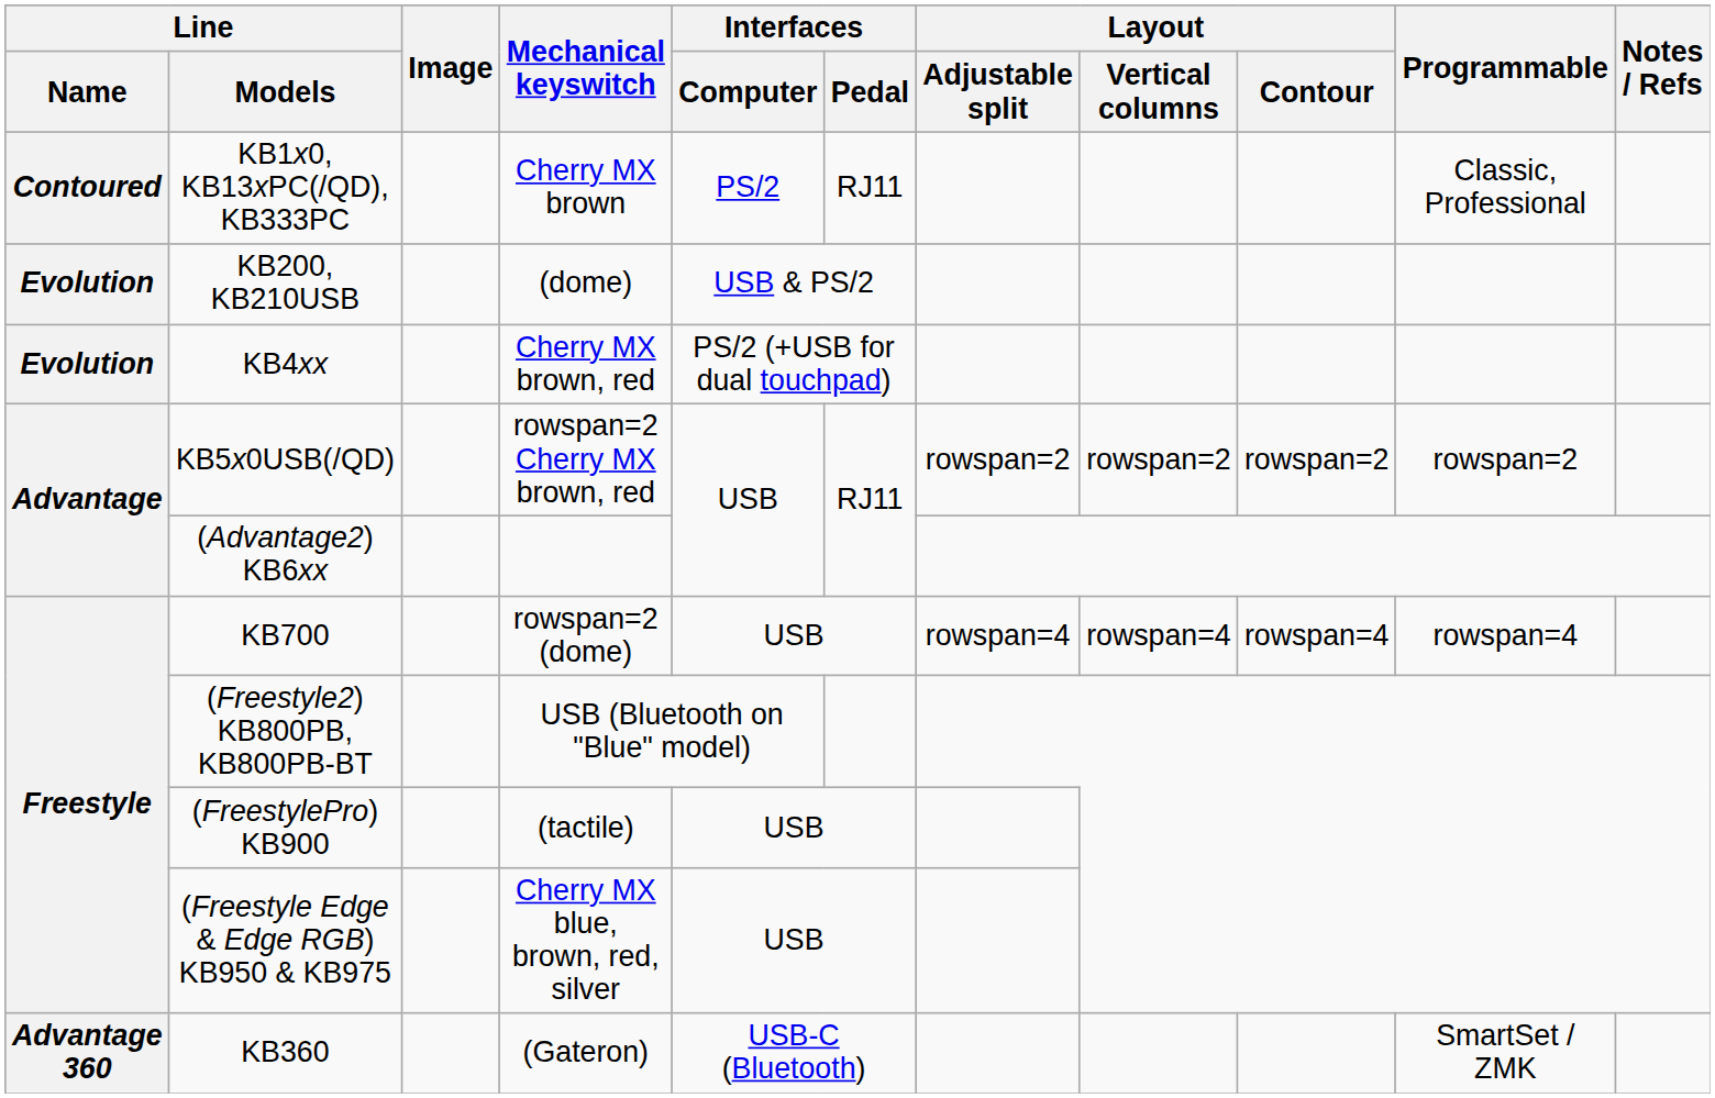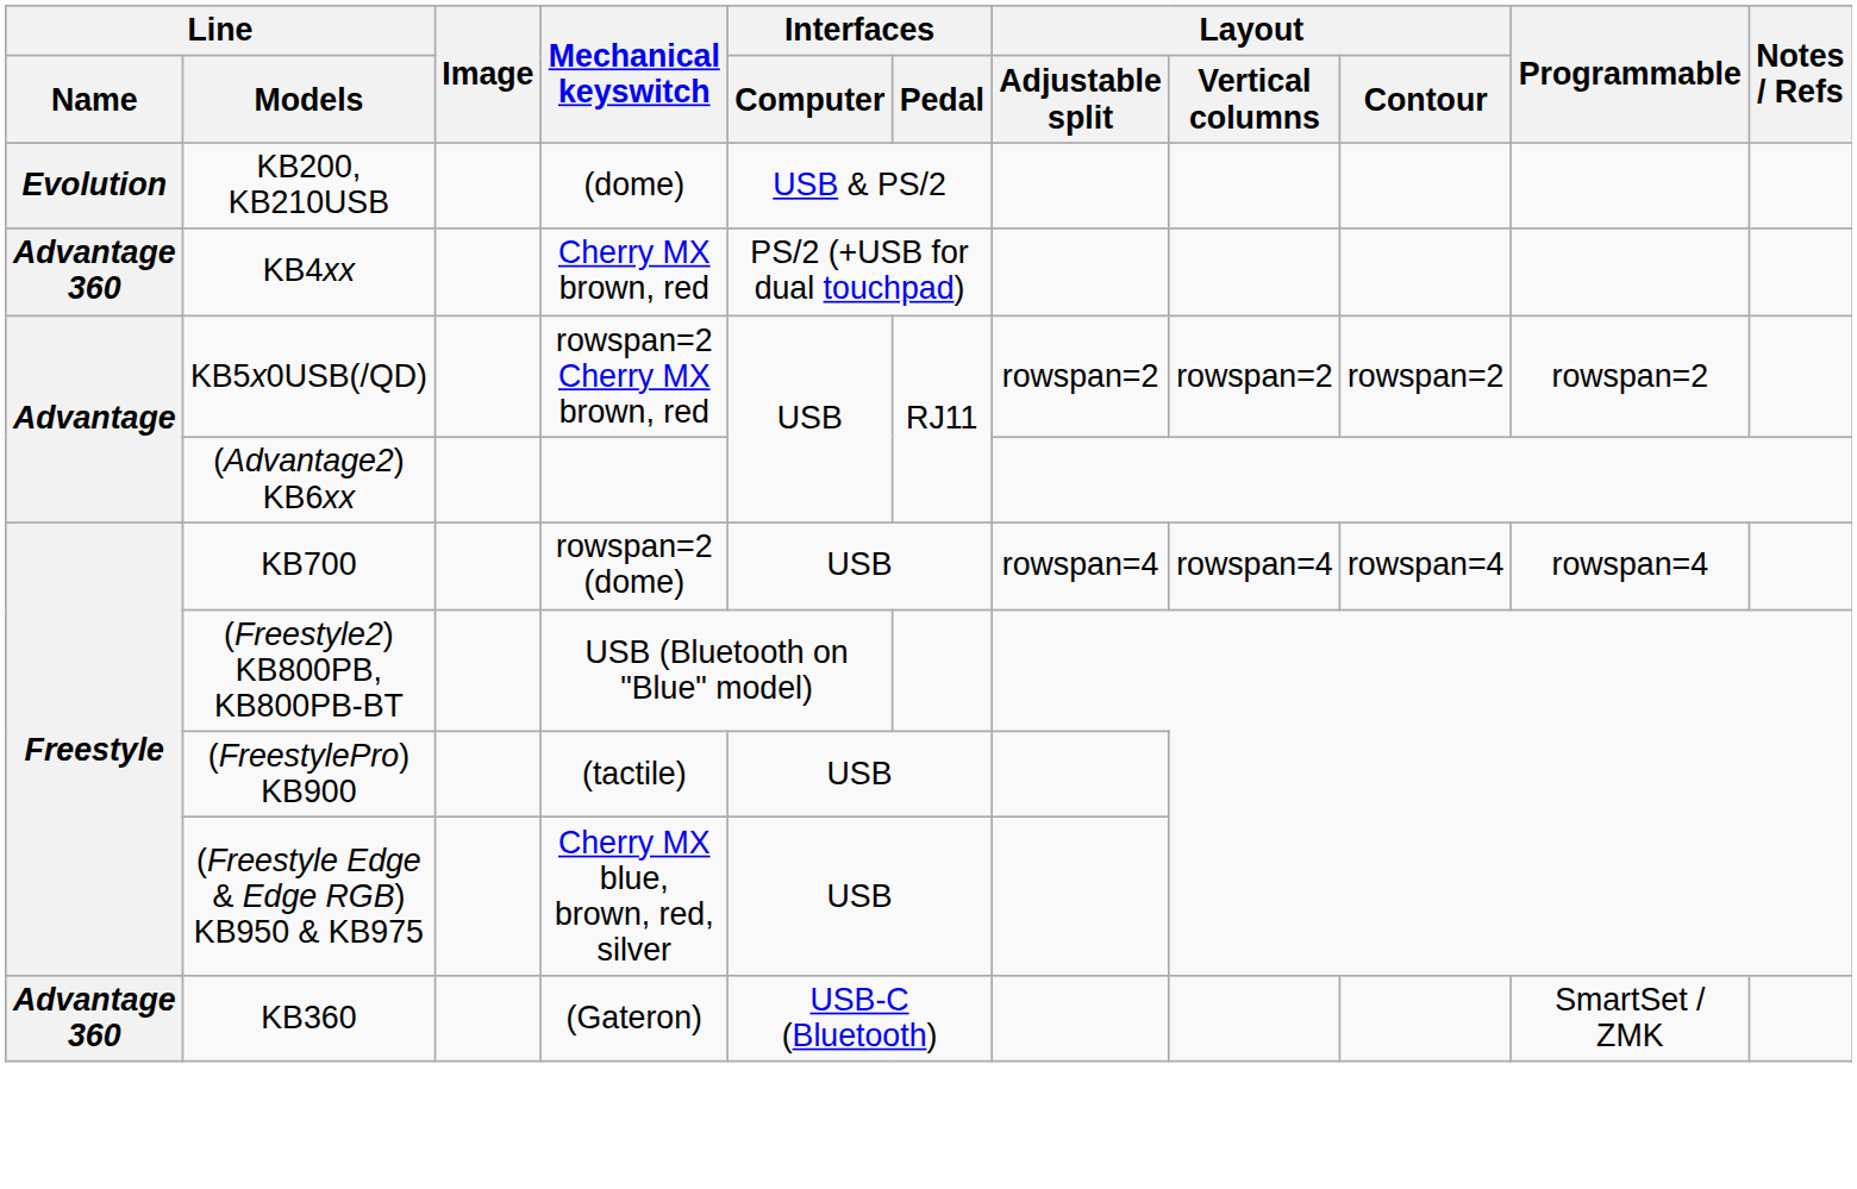 <table class="wikitable" style="font-size:100%;text-align:center;">
 <tr>
 <th colspan=2>Line</th>
 <th rowspan=2>Image</th>
 <th rowspan=2><a href='#'>Mechanical keyswitch</a></th>
 <th colspan=2>Interfaces</th>
 <th colspan=3>Layout</th>
 <th rowspan=2>Programmable</th>
 <th rowspan=2 class="unsortable">Notes / Refs</th>
 </tr>
 <tr>
 <th>Name</th>
 <th>Models</th>
 <th>Computer</th>
 <th>Pedal</th>
 <th>Adjustable split</th>
 <th>Vertical columns</th>
 <th>Contour</th>
 </tr>
 <tr>
-<th><em>Contoured</em></th>
-<td>KB1<em>x</em>0, KB13<em>x</em>PC(/QD), KB333PC</td>
-<td></td>
-<td> <a href='#'>Cherry MX</a> brown</td>
-<td><a href='#'>PS/2</a></td>
-<td>RJ11</td>
-<td></td>
-<td></td>
-<td></td>
-<td>Classic, Professional</td>
-<td style="text-align:left;"></td>
-</tr>
-<tr>
 <th><em>Evolution</em></th>
 <td>KB200, KB210USB</td>
 <td></td>
 <td> (dome)</td>
 <td colspan=2><a href='#'>USB</a> & PS/2</td>
 <td></td>
 <td></td>
 <td></td>
 <td></td>
 <td style="text-align:left;"></td>
 </tr>
 <tr>
-<th><em>Evolution</em></th>
+<th><em>Advantage 360</em></th>
 <td>KB4<em>xx</em></td>
 <td></td>
 <td> <a href='#'>Cherry MX</a> brown, red</td>
 <td colspan=2>PS/2 (+USB for dual <a href='#'>touchpad</a>)</td>
 <td></td>
 <td></td>
 <td></td>
 <td></td>
 <td style="text-align:left;"></td>
 </tr>
 <tr>
 <th rowspan=2><em>Advantage</em></th>
 <td>KB5<em>x</em>0USB(/QD)</td>
 <td></td>
 <td>rowspan=2  <a href='#'>Cherry MX</a> brown, red</td>
 <td rowspan=2>USB</td>
 <td rowspan=2>RJ11</td>
 <td>rowspan=2 </td>
 <td>rowspan=2 </td>
 <td>rowspan=2 </td>
 <td>rowspan=2 </td>
 <td style="text-align:left;"></td>
 </tr>
 <tr>
 <td>(<em>Advantage2</em>)<br>KB6<em>xx</em></td>
 <td></td>
 <td style="text-align:left;"></td>
 </tr>
 <tr>
 <th rowspan=4><em>Freestyle</em></th>
 <td>KB700</td>
 <td></td>
 <td>rowspan=2  (dome)</td>
 <td colspan=2>USB</td>
 <td>rowspan=4 </td>
 <td>rowspan=4 </td>
 <td>rowspan=4 </td>
 <td>rowspan=4 </td>
 <td style="text-align:left;"></td>
 </tr>
 <tr>
 <td>(<em>Freestyle2</em>)<br>KB800PB, KB800PB-BT</td>
 <td></td>
 <td colspan=2>USB (Bluetooth on "Blue" model)</td>
 <td style="text-align:left;"></td>
 </tr>
 <tr>
 <td>(<em>FreestylePro</em>)<br>KB900</td>
 <td></td>
 <td> (tactile)</td>
 <td colspan=2>USB</td>
 <td style="text-align:left;"></td>
 </tr>
 <tr>
 <td>(<em>Freestyle Edge</em> & <em>Edge RGB</em>)<br>KB950 & KB975</td>
 <td></td>
 <td> <a href='#'>Cherry MX</a> blue, brown, red, silver</td>
 <td colspan=2>USB</td>
 <td style="text-align:left;"></td>
 </tr>
 <tr>
 <th><em>Advantage 360</em></th>
 <td>KB360</td>
 <td></td>
 <td> (Gateron)</td>
 <td colspan=2><a href='#'>USB-C</a> (<a href='#'>Bluetooth</a>)</td>
 <td></td>
 <td></td>
 <td></td>
 <td> SmartSet / ZMK</td>
 <td style="text-align:left;"></td>
 </tr>
 </table>
